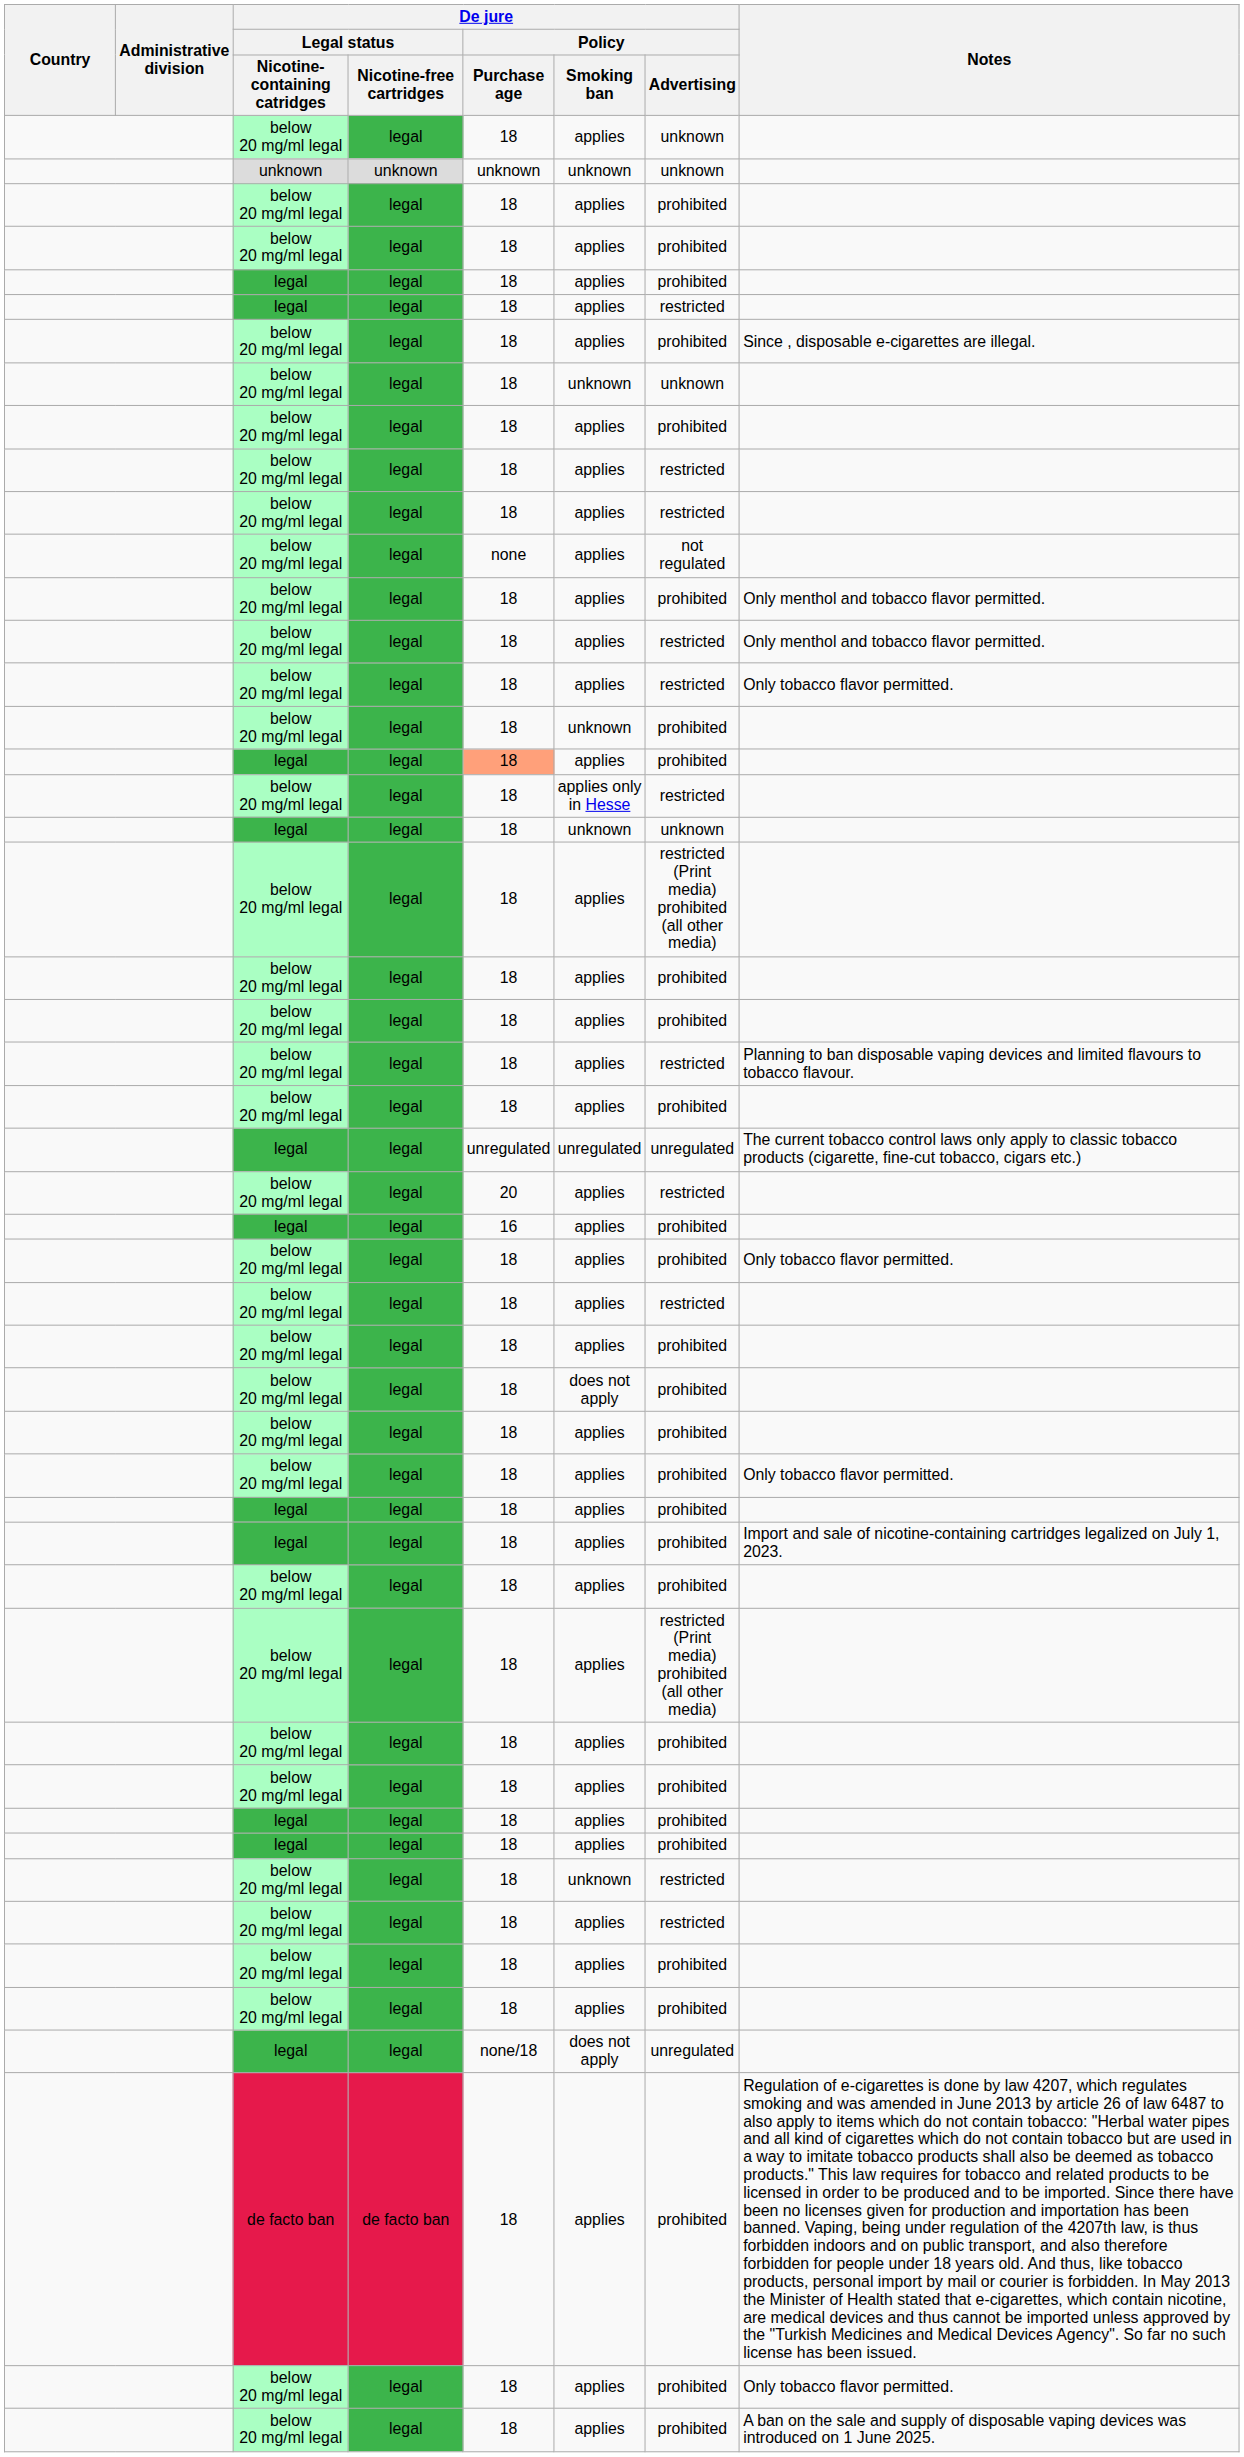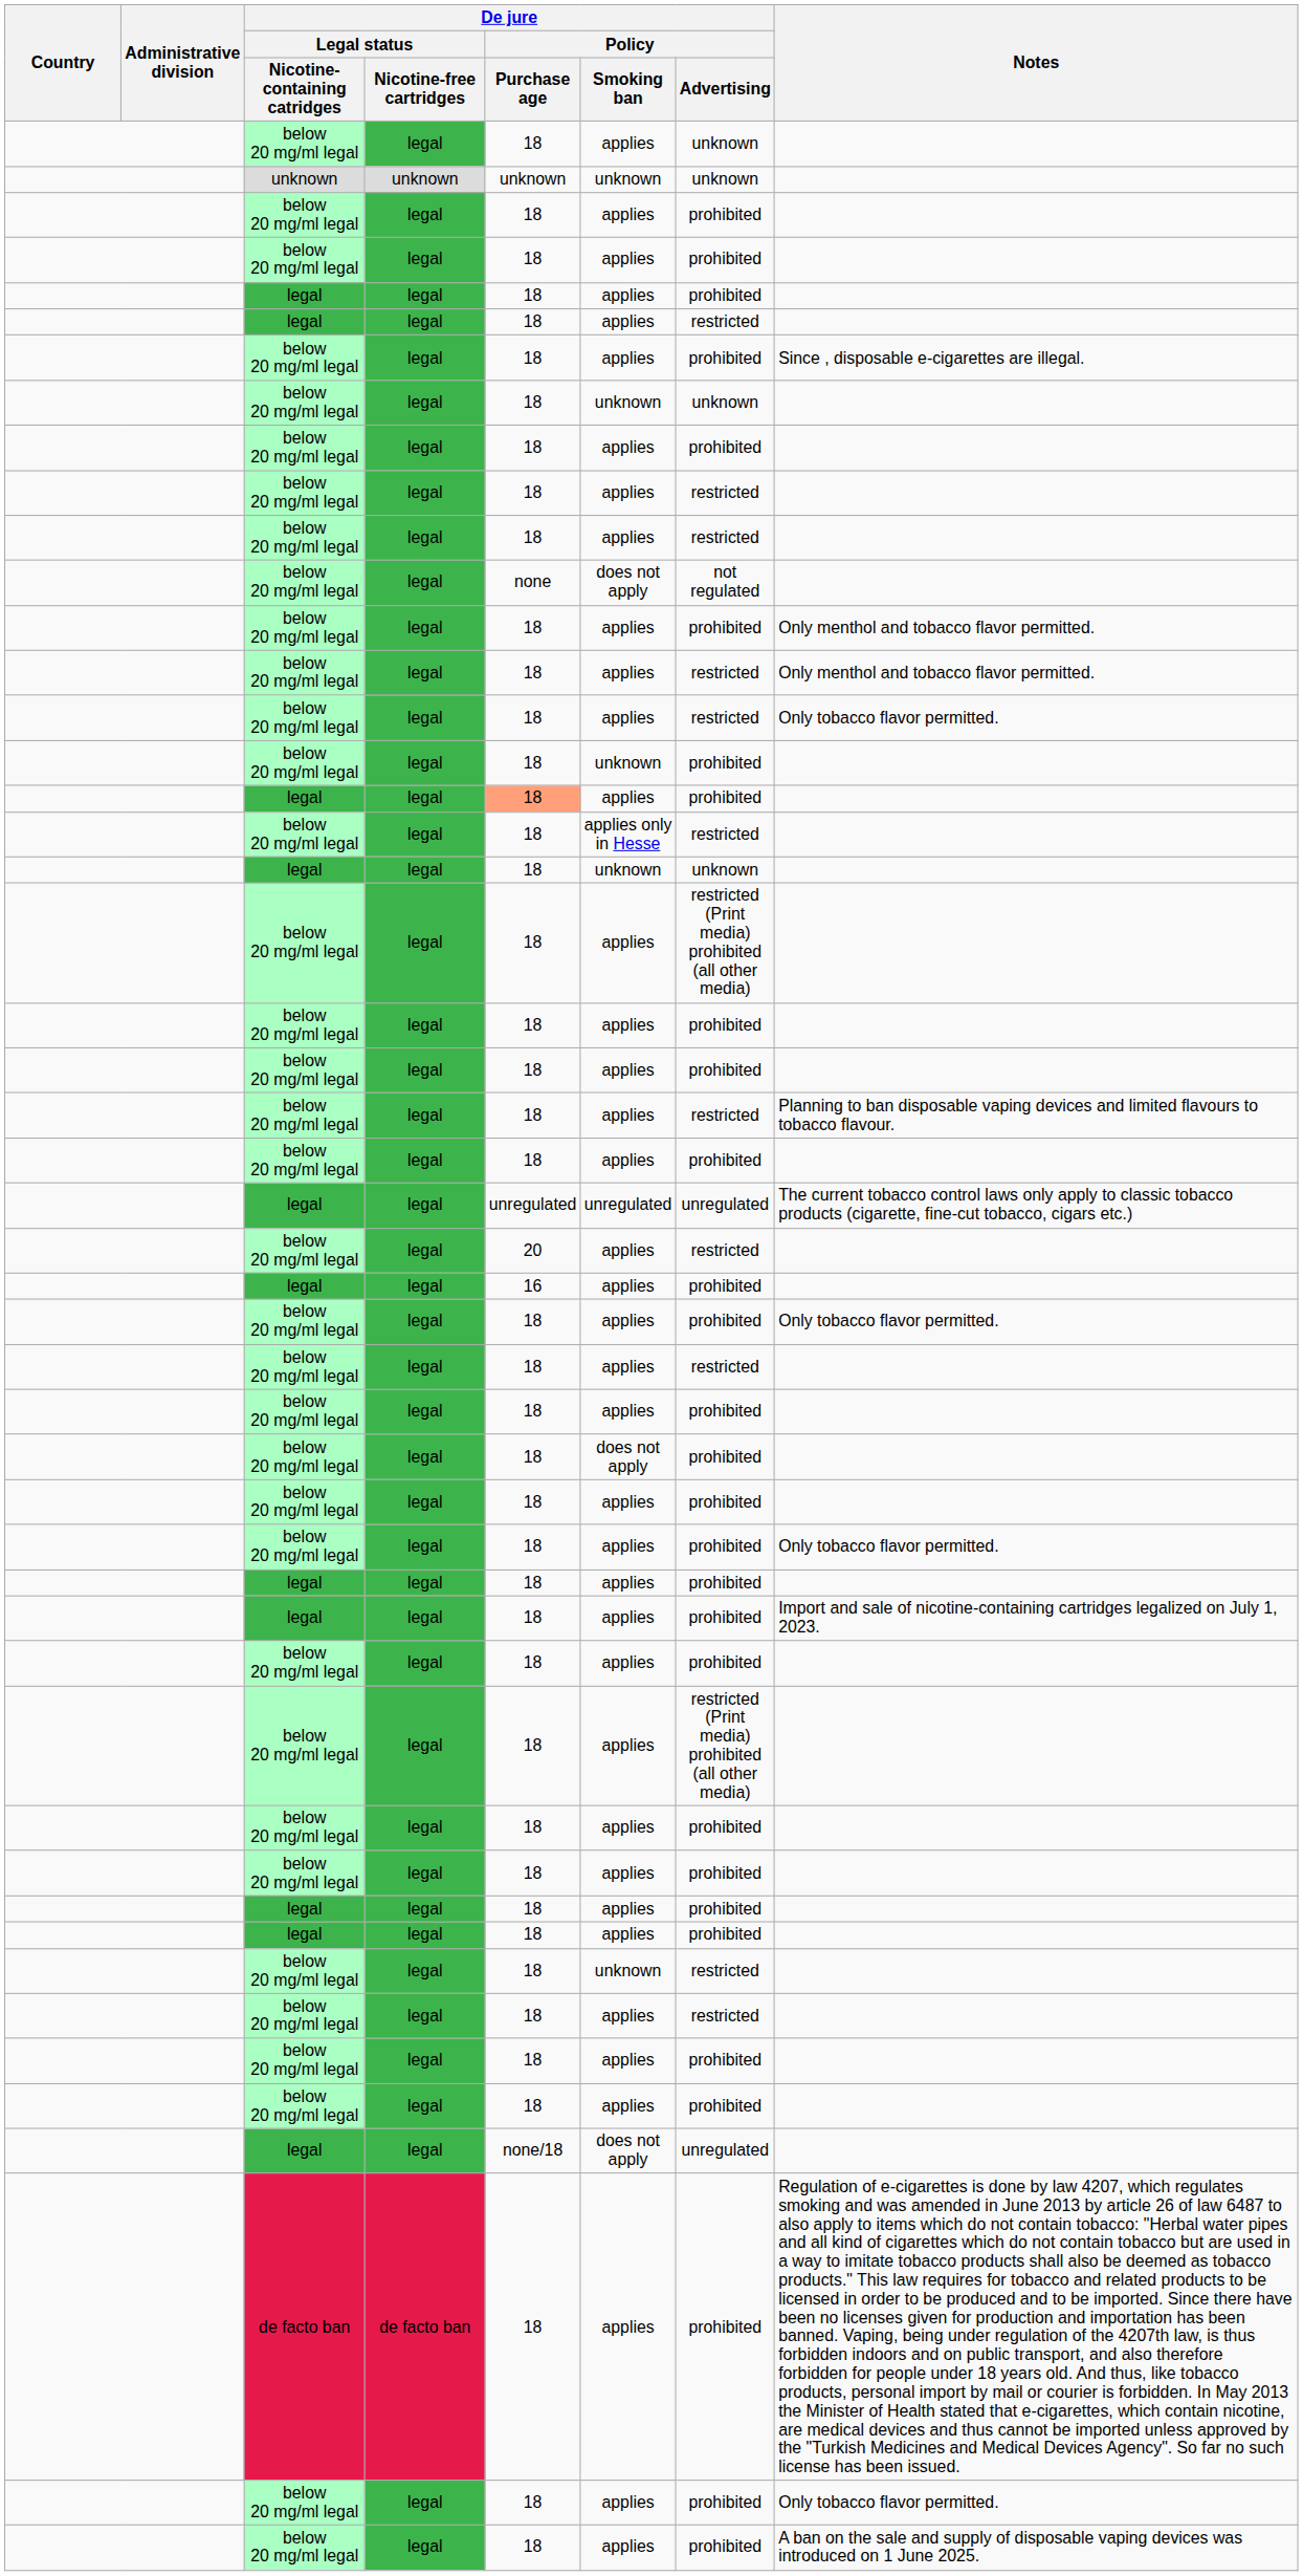 <table class="wikitable sortable">
 <tr>
 <th rowspan="3" style="width:10%;">Country</th>
 <th rowspan="3" style="width:5%;">Administrative division</th>
 <th colspan="5" style="width:35%;"><a href='#'>De jure</a></th>
 <th rowspan="3" style="width:50%;">Notes</th>
 </tr>
 <tr>
 <th colspan="2" style="width:20%;">Legal status</th>
 <th colspan="3" style="width:15%;">Policy</th>
 </tr>
 <tr>
 <th style="width:10%;">Nicotine-containing catridges</th>
 <th style="width:10%;">Nicotine-free cartridges</th>
 <th style="width:5%;">Purchase age</th>
 <th style="width:5%;">Smoking ban</th>
 <th style="width:5%;">Advertising</th>
 </tr>
 <tr>
 <td colspan="2"></td>
 <td style="background:#aaffc3" align="center">below 20 mg/ml legal</td>
 <td style="background:#3cb44b" align="center">legal</td>
 <td align="center">18</td>
 <td align="center">applies</td>
 <td align="center">unknown</td>
 <td></td>
 </tr>
 <tr>
 <td colspan="2"></td>
 <td style="background:Gainsboro" align="center">unknown</td>
 <td style="background:Gainsboro" align="center">unknown</td>
 <td align="center">unknown</td>
 <td align="center">unknown</td>
 <td align="center">unknown</td>
 <td></td>
 </tr>
 <tr>
 <td colspan="2"></td>
 <td style="background:#aaffc3" align="center">below 20 mg/ml legal</td>
 <td style="background:#3cb44b" align="center">legal</td>
 <td align="center">18</td>
 <td align="center">applies</td>
 <td align="center">prohibited</td>
 <td></td>
 </tr>
 <tr>
 <td colspan="2"></td>
 <td style="background:#aaffc3" align="center">below 20 mg/ml legal</td>
 <td style="background:#3cb44b" align="center">legal</td>
 <td align="center">18</td>
 <td align="center">applies</td>
 <td align="center">prohibited</td>
 <td></td>
 </tr>
 <tr>
 <td colspan="2"></td>
 <td style="background:#3cb44b" align="center">legal</td>
 <td style="background:#3cb44b" align="center">legal</td>
 <td align="center">18</td>
 <td align="center">applies</td>
 <td align="center">prohibited</td>
 <td></td>
 </tr>
 <tr>
 <td colspan="2"></td>
 <td style="background:#3cb44b" align="center">legal</td>
 <td style="background:#3cb44b" align="center">legal</td>
 <td align="center">18</td>
 <td align="center">applies</td>
 <td align="center">restricted</td>
 <td></td>
 </tr>
 <tr>
 <td colspan="2"></td>
 <td style="background:#aaffc3" align="center">below 20 mg/ml legal</td>
 <td style="background:#3cb44b" align="center">legal</td>
 <td align="center">18</td>
 <td align="center">applies</td>
 <td align="center">prohibited</td>
 <td>Since , disposable e-cigarettes are illegal.</td>
 </tr>
 <tr>
 <td colspan="2"></td>
 <td style="background:#aaffc3" align="center">below 20 mg/ml legal</td>
 <td style="background:#3cb44b" align="center">legal</td>
 <td align="center">18</td>
 <td align="center">unknown</td>
 <td align="center">unknown</td>
 <td></td>
 </tr>
 <tr>
 <td colspan="2"></td>
 <td style="background:#aaffc3" align="center">below 20 mg/ml legal</td>
 <td style="background:#3cb44b" align="center">legal</td>
 <td align="center">18</td>
 <td align="center">applies</td>
 <td align="center">prohibited</td>
 <td></td>
 </tr>
 <tr>
 <td colspan="2"></td>
 <td style="background:#aaffc3" align="center">below 20 mg/ml legal</td>
 <td style="background:#3cb44b" align="center">legal</td>
 <td align="center">18</td>
 <td align="center">applies</td>
 <td align="center">restricted</td>
 <td></td>
 </tr>
 <tr>
 <td colspan="2"></td>
 <td style="background:#aaffc3" align="center">below 20 mg/ml legal</td>
 <td style="background:#3cb44b" align="center">legal</td>
 <td align="center">18</td>
 <td align="center">applies</td>
 <td align="center">restricted</td>
 <td></td>
 </tr>
 <tr>
 <td colspan="2"></td>
 <td style="background:#aaffc3" align="center">below 20 mg/ml legal</td>
 <td style="background:#3cb44b" align="center">legal</td>
 <td align="center">none</td>
-<td align="center">applies</td>
+<td align="center">does not apply</td>
 <td align="center">not regulated</td>
 <td></td>
 </tr>
 <tr>
 <td colspan="2"></td>
 <td style="background:#aaffc3" align="center">below 20 mg/ml legal</td>
 <td style="background:#3cb44b" align="center">legal</td>
 <td align="center">18</td>
 <td align="center">applies</td>
 <td align="center">prohibited</td>
 <td>Only menthol and tobacco flavor permitted.</td>
 </tr>
 <tr>
 <td colspan="2"></td>
 <td style="background:#aaffc3" align="center">below 20 mg/ml legal</td>
 <td style="background:#3cb44b" align="center">legal</td>
 <td align="center">18</td>
 <td align="center">applies</td>
 <td align="center">restricted</td>
 <td>Only menthol and tobacco flavor permitted.</td>
 </tr>
 <tr>
 <td colspan="2"></td>
 <td style="background:#aaffc3" align="center">below 20 mg/ml legal</td>
 <td style="background:#3cb44b" align="center">legal</td>
 <td align="center">18</td>
 <td align="center">applies</td>
 <td align="center">restricted</td>
 <td>Only tobacco flavor permitted.</td>
 </tr>
 <tr>
 <td colspan="2"></td>
 <td style="background:#aaffc3" align="center">below 20 mg/ml legal</td>
 <td style="background:#3cb44b" align="center">legal</td>
 <td align="center">18</td>
 <td align="center">unknown</td>
 <td align="center">prohibited</td>
 <td></td>
 </tr>
 <tr>
 <td colspan="2"></td>
 <td style="background:#3cb44b" align="center">legal</td>
 <td style="background:#3cb44b" align="center">legal</td>
 <td align="center" style="background: lightsalmon;">18</td>
 <td align="center">applies</td>
 <td align="center">prohibited</td>
 <td></td>
 </tr>
 <tr>
 <td colspan="2"></td>
 <td style="background:#aaffc3" align="center">below 20 mg/ml legal</td>
 <td style="background:#3cb44b" align="center">legal</td>
 <td align="center">18</td>
 <td align="center">applies only in <a href='#'>Hesse</a></td>
 <td align="center">restricted</td>
 <td></td>
 </tr>
 <tr>
 <td colspan="2"></td>
 <td style="background:#3cb44b" align="center">legal</td>
 <td style="background:#3cb44b" align="center">legal</td>
 <td align="center">18</td>
 <td align="center">unknown</td>
 <td align="center">unknown</td>
 <td></td>
 </tr>
 <tr>
 <td colspan="2"></td>
 <td style="background:#aaffc3" align="center">below 20 mg/ml legal</td>
 <td style="background:#3cb44b" align="center">legal</td>
 <td align="center">18</td>
 <td align="center">applies</td>
 <td align="center">restricted (Print media)<br>prohibited (all other media)</td>
 <td></td>
 </tr>
 <tr>
 <td colspan="2"></td>
 <td style="background:#aaffc3" align="center">below 20 mg/ml legal</td>
 <td style="background:#3cb44b" align="center">legal</td>
 <td align="center">18</td>
 <td align="center">applies</td>
 <td align="center">prohibited</td>
 <td></td>
 </tr>
 <tr>
 <td colspan="2"></td>
 <td style="background:#aaffc3" align="center">below 20 mg/ml legal</td>
 <td style="background:#3cb44b" align="center">legal</td>
 <td align="center">18</td>
 <td align="center">applies</td>
 <td align="center">prohibited</td>
 <td></td>
 </tr>
 <tr>
 <td colspan="2"></td>
 <td style="background:#aaffc3" align="center">below 20 mg/ml legal</td>
 <td style="background:#3cb44b" align="center">legal</td>
 <td align="center">18</td>
 <td align="center">applies</td>
 <td align="center">restricted</td>
 <td>Planning to ban disposable vaping devices and limited flavours to tobacco flavour.</td>
 </tr>
 <tr>
 <td colspan="2"></td>
 <td style="background:#aaffc3" align="center">below 20 mg/ml legal</td>
 <td style="background:#3cb44b" align="center">legal</td>
 <td align="center">18</td>
 <td align="center">applies</td>
 <td align="center">prohibited</td>
 <td></td>
 </tr>
 <tr>
 <td colspan="2"></td>
 <td style="background:#3cb44b" align="center">legal</td>
 <td style="background:#3cb44b" align="center">legal</td>
 <td align="center">unregulated</td>
 <td align="center">unregulated</td>
 <td align="center">unregulated</td>
 <td>The current tobacco control laws only apply to classic tobacco products (cigarette, fine-cut tobacco, cigars etc.)</td>
 </tr>
 <tr>
 <td colspan="2"></td>
 <td style="background:#aaffc3" align="center">below 20 mg/ml legal</td>
 <td style="background:#3cb44b" align="center">legal</td>
 <td align="center">20</td>
 <td align="center">applies</td>
 <td align="center">restricted</td>
 <td></td>
 </tr>
 <tr>
 <td colspan="2"></td>
 <td style="background:#3cb44b" align="center">legal</td>
 <td style="background:#3cb44b" align="center">legal</td>
 <td align="center">16</td>
 <td align="center">applies</td>
 <td align="center">prohibited</td>
 <td></td>
 </tr>
 <tr>
 <td colspan="2"></td>
 <td style="background:#aaffc3" align="center">below 20 mg/ml legal</td>
 <td style="background:#3cb44b" align="center">legal</td>
 <td align="center">18</td>
 <td align="center">applies</td>
 <td align="center">prohibited</td>
 <td>Only tobacco flavor permitted.</td>
 </tr>
 <tr>
 <td colspan="2"></td>
 <td style="background:#aaffc3" align="center">below 20 mg/ml legal</td>
 <td style="background:#3cb44b" align="center">legal</td>
 <td align="center">18</td>
 <td align="center">applies</td>
 <td align="center">restricted</td>
 <td></td>
 </tr>
 <tr>
 <td colspan="2"></td>
 <td style="background:#aaffc3" align="center">below 20 mg/ml legal</td>
 <td style="background:#3cb44b" align="center">legal</td>
 <td align="center">18</td>
 <td align="center">applies</td>
 <td align="center">prohibited</td>
 <td></td>
 </tr>
 <tr>
 <td colspan="2"></td>
 <td style="background:#aaffc3" align="center">below 20 mg/ml legal</td>
 <td style="background:#3cb44b" align="center">legal</td>
 <td align="center">18</td>
 <td align="center">does not apply</td>
 <td align="center">prohibited</td>
 <td></td>
 </tr>
 <tr>
 <td colspan="2"></td>
 <td style="background:#aaffc3" align="center">below 20 mg/ml legal</td>
 <td style="background:#3cb44b" align="center">legal</td>
 <td align="center">18</td>
 <td align="center">applies</td>
 <td align="center">prohibited</td>
 <td></td>
 </tr>
 <tr>
 <td colspan="2"></td>
 <td style="background:#aaffc3" align="center">below 20 mg/ml legal</td>
 <td style="background:#3cb44b" align="center">legal</td>
 <td align="center">18</td>
 <td align="center">applies</td>
 <td align="center">prohibited</td>
 <td>Only tobacco flavor permitted.</td>
 </tr>
 <tr>
 <td colspan="2"></td>
 <td style="background:#3cb44b" align="center">legal</td>
 <td style="background:#3cb44b" align="center">legal</td>
 <td align="center">18</td>
 <td align="center">applies</td>
 <td align="center">prohibited</td>
 <td></td>
 </tr>
 <tr>
 <td colspan="2"></td>
 <td style="background:#3cb44b" align="center">legal</td>
 <td style="background:#3cb44b" align="center">legal</td>
 <td align="center">18</td>
 <td align="center">applies</td>
 <td align="center">prohibited</td>
 <td>Import and sale of nicotine-containing cartridges legalized on July 1, 2023.</td>
 </tr>
 <tr>
 <td colspan="2"></td>
 <td style="background:#aaffc3" align="center">below 20 mg/ml legal</td>
 <td style="background:#3cb44b" align="center">legal</td>
 <td align="center">18</td>
 <td align="center">applies</td>
 <td align="center">prohibited</td>
 <td></td>
 </tr>
 <tr>
 <td colspan="2"></td>
 <td style="background:#aaffc3" align="center">below 20 mg/ml legal</td>
 <td style="background:#3cb44b" align="center">legal</td>
 <td align="center">18</td>
 <td align="center">applies</td>
 <td align="center">restricted (Print media)<br>prohibited (all other media)</td>
 <td></td>
 </tr>
 <tr>
 <td colspan="2"></td>
 <td style="background:#aaffc3" align="center">below 20 mg/ml legal</td>
 <td style="background:#3cb44b" align="center">legal</td>
 <td align="center">18</td>
 <td align="center">applies</td>
 <td align="center">prohibited</td>
 <td></td>
 </tr>
 <tr>
 <td colspan="2"></td>
 <td style="background:#aaffc3" align="center">below 20 mg/ml legal</td>
 <td style="background:#3cb44b" align="center">legal</td>
 <td align="center">18</td>
 <td align="center">applies</td>
 <td align="center">prohibited</td>
 <td></td>
 </tr>
 <tr>
 <td colspan="2"></td>
 <td style="background:#3cb44b" align="center">legal</td>
 <td style="background:#3cb44b" align="center">legal</td>
 <td align="center">18</td>
 <td align="center">applies</td>
 <td align="center">prohibited</td>
 <td></td>
 </tr>
 <tr>
 <td colspan="2"></td>
 <td style="background:#3cb44b" align="center">legal</td>
 <td style="background:#3cb44b" align="center">legal</td>
 <td align="center">18</td>
 <td align="center">applies</td>
 <td align="center">prohibited</td>
 <td></td>
 </tr>
 <tr>
 <td colspan="2"></td>
 <td style="background:#aaffc3" align="center">below 20 mg/ml legal</td>
 <td style="background:#3cb44b" align="center">legal</td>
 <td align="center">18</td>
 <td align="center">unknown</td>
 <td align="center">restricted</td>
 <td></td>
 </tr>
 <tr>
 <td colspan="2"></td>
 <td style="background:#aaffc3" align="center">below 20 mg/ml legal</td>
 <td style="background:#3cb44b" align="center">legal</td>
 <td align="center">18</td>
 <td align="center">applies</td>
 <td align="center">restricted</td>
 <td></td>
 </tr>
 <tr>
 <td colspan="2"></td>
 <td style="background:#aaffc3" align="center">below 20 mg/ml legal</td>
 <td style="background:#3cb44b" align="center">legal</td>
 <td align="center">18</td>
 <td align="center">applies</td>
 <td align="center">prohibited</td>
 <td></td>
 </tr>
 <tr>
 <td colspan="2"></td>
 <td style="background:#aaffc3" align="center">below 20 mg/ml legal</td>
 <td style="background:#3cb44b" align="center">legal</td>
 <td align="center">18</td>
 <td align="center">applies</td>
 <td align="center">prohibited</td>
 <td></td>
 </tr>
 <tr>
 <td colspan="2"></td>
 <td style="background:#3cb44b" align="center">legal</td>
 <td style="background:#3cb44b" align="center">legal</td>
 <td align="center">none/18</td>
 <td align="center">does not apply</td>
 <td align="center">unregulated</td>
 <td></td>
 </tr>
 <tr>
 <td colspan="2"></td>
 <td style="background:#e6194B" align="center">de facto ban</td>
 <td style="background:#e6194B" align="center">de facto ban</td>
 <td align="center">18</td>
 <td align="center">applies</td>
 <td align="center">prohibited</td>
 <td>Regulation of e-cigarettes is done by law 4207, which regulates smoking and was amended in June 2013 by article 26 of law 6487  to also apply to items which do not contain tobacco: "Herbal water pipes and all kind of cigarettes which do not contain tobacco but are used in a way to imitate tobacco products shall also be deemed as tobacco products." This law requires for tobacco and related products to be licensed in order to be produced and to be imported. Since there have been no licenses given for production and importation has been banned. Vaping, being under regulation of the 4207th law, is thus forbidden indoors and on public transport, and also therefore forbidden for people under 18 years old. And thus, like tobacco products, personal import by mail or courier is forbidden. In May 2013 the Minister of Health stated that e-cigarettes, which contain nicotine, are medical devices and thus cannot be imported unless approved by the "Turkish Medicines and Medical Devices Agency". So far no such license has been issued.</td>
 </tr>
 <tr>
 <td colspan="2"></td>
 <td style="background:#aaffc3" align="center">below 20 mg/ml legal</td>
 <td style="background:#3cb44b" align="center">legal</td>
 <td align="center">18</td>
 <td align="center">applies</td>
 <td align="center">prohibited</td>
 <td>Only tobacco flavor permitted.</td>
 </tr>
 <tr>
 <td colspan="2"></td>
 <td style="background:#aaffc3" align="center">below 20 mg/ml legal</td>
 <td style="background:#3cb44b" align="center">legal</td>
 <td align="center">18</td>
 <td align="center">applies</td>
 <td align="center">prohibited</td>
 <td>A ban on the sale and supply of disposable vaping devices was introduced on 1 June 2025.</td>
 </tr>
 </table>
